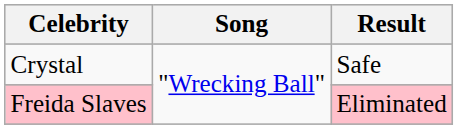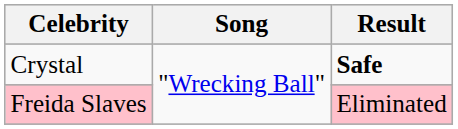 <table class="wikitable sortable collapsed">
 <tr>
 <th>Celebrity</th>
 <th>Song</th>
 <th>Result</th>
 </tr>
 <tr>
 <td>Crystal</td>
 <td rowspan=2>"<a href='#'>Wrecking Ball</a>"</td>
-<td>Safe</td>
+<td><strong>Safe</strong></td>
 </tr>
 <tr>
 <td style="background:pink;">Freida Slaves</td>
 <td style="background:pink;">Eliminated</td>
 </tr>
 </table>
